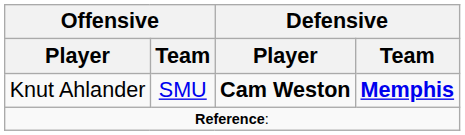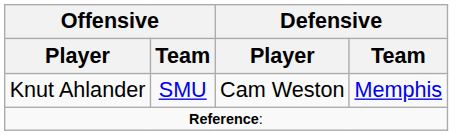 <table class="wikitable" style="text-align: center;">
 <tr>
 <th colspan="2">Offensive</th>
 <th colspan="2">Defensive</th>
 </tr>
 <tr>
 <th>Player</th>
 <th>Team</th>
 <th>Player</th>
 <th>Team</th>
 </tr>
 <tr>
 <td>Knut Ahlander</td>
 <td><a href='#'>SMU</a></td>
-<td><strong>Cam Weston</strong></td>
-<td><strong><a href='#'>Memphis</a></strong></td>
+<td>Cam Weston</td>
+<td><a href='#'>Memphis</a></td>
 </tr>
 <tr>
 <td colspan="4"  style="font-size:8pt; text-align:center;"><strong>Reference</strong>:</td>
 </tr>
 </table>
